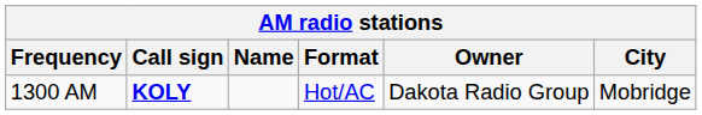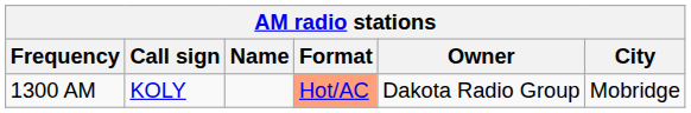 <table class="wikitable">
 <tr>
 <th align="center" colspan="6"><strong><a href='#'>AM radio</a> stations</strong></th>
 </tr>
 <tr>
 <th>Frequency</th>
 <th>Call sign</th>
 <th>Name</th>
 <th>Format</th>
 <th>Owner</th>
 <th>City</th>
 </tr>
 <tr>
 <td>1300 AM</td>
-<td><strong><a href='#'>KOLY</a></strong></td>
+<td><a href='#'>KOLY</a></td>
 <td></td>
-<td><a href='#'>Hot/AC</a></td>
+<td style="background: lightsalmon;"><a href='#'>Hot/AC</a></td>
 <td>Dakota Radio Group</td>
 <td>Mobridge</td>
 </tr>
 </table>
